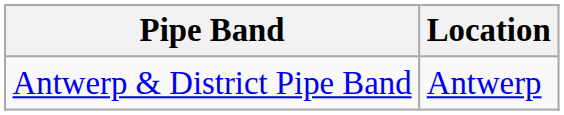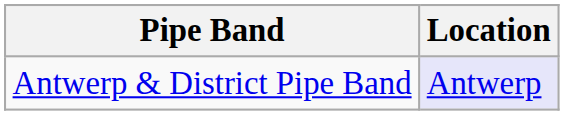 <table class="wikitable sortable">
 <tr>
 <th>Pipe Band</th>
 <th>Location</th>
 </tr>
 <tr>
 <td><a href='#'>Antwerp & District Pipe Band</a></td>
-<td><a href='#'>Antwerp</a></td>
+<td style="background: lavender;"><a href='#'>Antwerp</a></td>
 </tr>
 </table>
